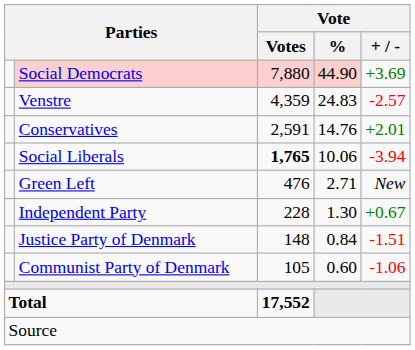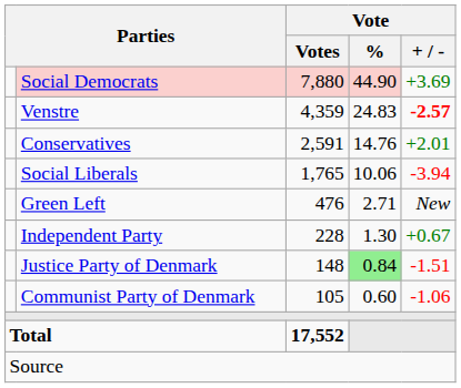 <table class="wikitable" style="text-align:right;">
 <tr>
 <th style="text-align:centre;" rowspan="2" colspan="2" width="225">Parties</th>
 <th colspan="3">Vote</th>
 </tr>
 <tr>
 <th width="15">Votes</th>
 <th width="15">%</th>
 <th width="15">+ / -</th>
 </tr>
 <tr>
 <td width="2" style="color:inherit;background:"></td>
 <td bgcolor=#fbd0ce  align="left"><a href='#'>Social Democrats</a></td>
 <td bgcolor=#fbd0ce>7,880</td>
 <td bgcolor=#fbd0ce>44.90</td>
 <td style=color:green;>+3.69</td>
 </tr>
 <tr>
 <td width="2" style="color:inherit;background:"></td>
 <td align="left"><a href='#'>Venstre</a></td>
 <td>4,359</td>
 <td>24.83</td>
-<td style=color:red;>-2.57</td>
+<td style=color:red;><strong>-2.57</strong></td>
 </tr>
 <tr>
 <td width="2" style="color:inherit;background:"></td>
 <td align="left"><a href='#'>Conservatives</a></td>
 <td>2,591</td>
 <td>14.76</td>
 <td style=color:green;>+2.01</td>
 </tr>
 <tr>
 <td width="2" style="color:inherit;background:"></td>
 <td align="left"><a href='#'>Social Liberals</a></td>
-<td><strong>1,765</strong></td>
+<td>1,765</td>
 <td>10.06</td>
 <td style=color:red;>-3.94</td>
 </tr>
 <tr>
 <td width="2" style="color:inherit;background:"></td>
 <td align="left"><a href='#'>Green Left</a></td>
 <td>476</td>
 <td>2.71</td>
 <td><em>New</em></td>
 </tr>
 <tr>
 <td width="2" style="color:inherit;background:"></td>
 <td align="left"><a href='#'>Independent Party</a></td>
 <td>228</td>
 <td>1.30</td>
 <td style=color:green;>+0.67</td>
 </tr>
 <tr>
 <td width="2" style="color:inherit;background:"></td>
 <td align="left"><a href='#'>Justice Party of Denmark</a></td>
 <td>148</td>
-<td>0.84</td>
+<td style="background: lightgreen;">0.84</td>
 <td style=color:red;>-1.51</td>
 </tr>
 <tr>
 <td width="2" style="color:inherit;background:"></td>
 <td align="left"><a href='#'>Communist Party of Denmark</a></td>
 <td>105</td>
 <td>0.60</td>
 <td style=color:red;>-1.06</td>
 </tr>
 <tr>
 <td colspan="7" bgcolor="#E9E9E9"></td>
 </tr>
 <tr>
 <td align="left" colspan="2"><strong>Total</strong></td>
 <td><strong>17,552</strong></td>
 <td bgcolor="#E9E9E9" colspan="2"></td>
 </tr>
 <tr>
 <td align="left" colspan="6">Source</td>
 </tr>
 </table>
